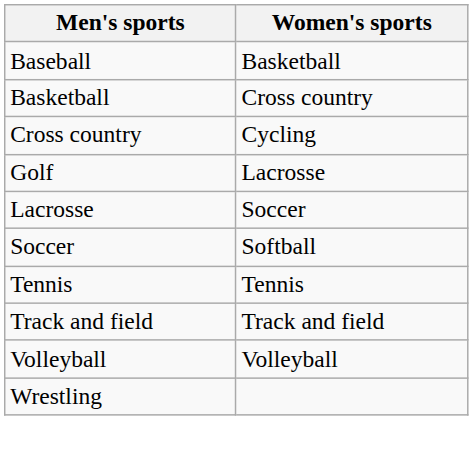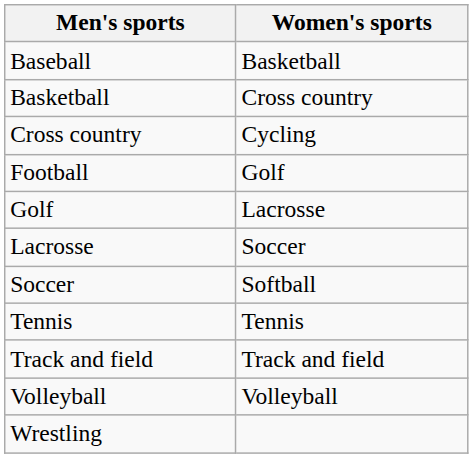 <table class="wikitable"; style=" ">
 <tr>
 <th width=150px>Men's sports</th>
 <th width=150px>Women's sports</th>
 </tr>
 <tr>
 <td>Baseball</td>
 <td>Basketball</td>
 </tr>
 <tr>
 <td>Basketball</td>
 <td>Cross country</td>
 </tr>
 <tr>
 <td>Cross country</td>
 <td>Cycling</td>
+</tr>
+<tr>
+<td>Football</td>
+<td>Golf</td>
 </tr>
 <tr>
 <td>Golf</td>
 <td>Lacrosse</td>
 </tr>
 <tr>
 <td>Lacrosse</td>
 <td>Soccer</td>
 </tr>
 <tr>
 <td>Soccer</td>
 <td>Softball</td>
 </tr>
 <tr>
 <td>Tennis</td>
 <td>Tennis</td>
 </tr>
 <tr>
 <td>Track and field</td>
 <td>Track and field</td>
 </tr>
 <tr>
 <td>Volleyball </td>
 <td>Volleyball</td>
 </tr>
 <tr>
 <td>Wrestling</td>
 <td></td>
 </tr>
 </table>
